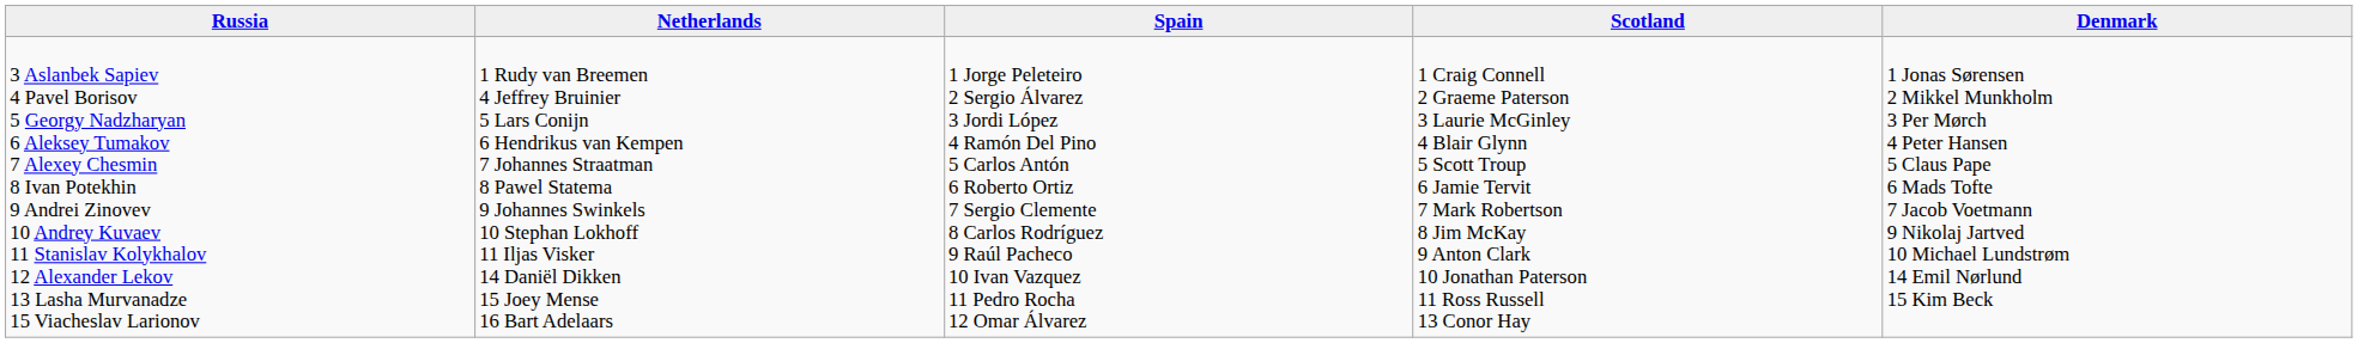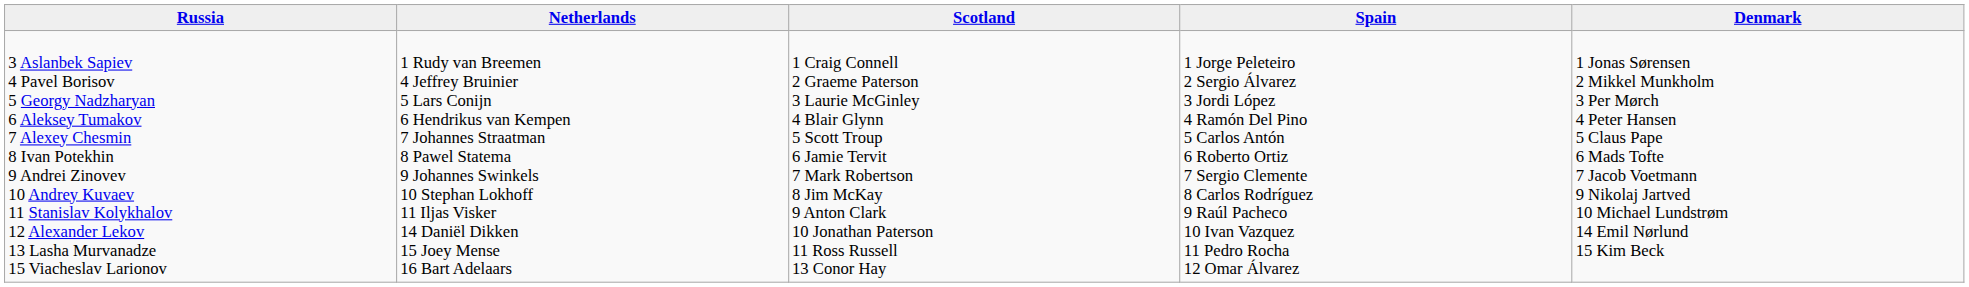 <table class="wikitable mw-collapsible mw-collapsed" cellpadding=5 cellspacing=0 style="width:95%">
 <tr align=center>
 <td bgcolor="#efefef" width="200"><strong> <a href='#'>Russia</a></strong></td>
 <td bgcolor="#efefef" width="200"><strong> <a href='#'>Netherlands</a></strong></td>
+<td bgcolor="#efefef" width="200"><strong> <a href='#'>Scotland</a></strong></td>
 <td bgcolor="#efefef" width="200"><strong> <a href='#'>Spain</a></strong></td>
-<td bgcolor="#efefef" width="200"><strong> <a href='#'>Scotland</a></strong></td>
 <td bgcolor="#efefef" width="200"><strong> <a href='#'>Denmark</a></strong></td>
 </tr>
 <tr valign=top>
 <td><br>3 <a href='#'>Aslanbek Sapiev</a><br> 4 Pavel Borisov<br> 5 <a href='#'>Georgy Nadzharyan</a><br> 6 <a href='#'>Aleksey Tumakov</a><br> 7 <a href='#'>Alexey Chesmin</a><br> 8 Ivan Potekhin<br> 9 Andrei Zinovev<br> 10 <a href='#'>Andrey Kuvaev</a><br> 11 <a href='#'>Stanislav Kolykhalov</a><br> 12 <a href='#'>Alexander Lekov</a><br> 13 Lasha Murvanadze<br> 15 Viacheslav Larionov<br></td>
 <td><br>1 Rudy van Breemen<br> 4 Jeffrey Bruinier<br> 5 Lars Conijn<br> 6 Hendrikus van Kempen<br> 7 Johannes Straatman<br> 8 Pawel Statema<br> 9 Johannes Swinkels<br> 10 Stephan Lokhoff<br> 11 Iljas Visker<br> 14 Daniël Dikken<br> 15 Joey Mense<br> 16 Bart Adelaars<br></td>
+<td><br>1 Craig Connell<br> 2 Graeme Paterson<br> 3 Laurie McGinley<br> 4 Blair Glynn<br> 5 Scott Troup<br> 6 Jamie Tervit<br> 7 Mark Robertson<br> 8 Jim McKay<br> 9 Anton Clark<br> 10 Jonathan Paterson<br> 11 Ross Russell<br> 13 Conor Hay<br></td>
 <td><br>1 Jorge Peleteiro<br> 2 Sergio Álvarez<br> 3 Jordi López<br> 4 Ramón Del Pino<br> 5 Carlos Antón<br> 6 Roberto Ortiz<br> 7 Sergio Clemente<br> 8 Carlos Rodríguez<br> 9 Raúl Pacheco<br> 10 Ivan Vazquez<br> 11 Pedro Rocha<br> 12 Omar Álvarez<br></td>
-<td><br>1 Craig Connell<br> 2 Graeme Paterson<br> 3 Laurie McGinley<br> 4 Blair Glynn<br> 5 Scott Troup<br> 6 Jamie Tervit<br> 7 Mark Robertson<br> 8 Jim McKay<br> 9 Anton Clark<br> 10 Jonathan Paterson<br> 11 Ross Russell<br> 13 Conor Hay<br></td>
 <td><br>1 Jonas Sørensen<br> 2 Mikkel Munkholm<br> 3 Per Mørch<br> 4 Peter Hansen<br> 5 Claus Pape<br> 6 Mads Tofte<br> 7 Jacob Voetmann<br> 9 Nikolaj Jartved<br> 10 Michael Lundstrøm<br> 14 Emil Nørlund<br> 15 Kim Beck<br></td>
 </tr>
 </table>
